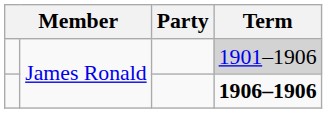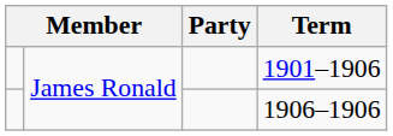 <table class="wikitable">
 <tr>
 <th colspan="2">Member</th>
 <th>Party</th>
 <th>Term</th>
 </tr>
 <tr>
 <td> </td>
 <td rowspan="2"><a href='#'>James Ronald</a></td>
 <td></td>
-<td style="background: lightgrey;"><a href='#'>1901</a>–1906</td>
+<td><a href='#'>1901</a>–1906</td>
 </tr>
 <tr>
 <td> </td>
 <td></td>
-<td><strong>1906–1906</strong></td>
+<td>1906–1906</td>
 </tr>
 </table>
